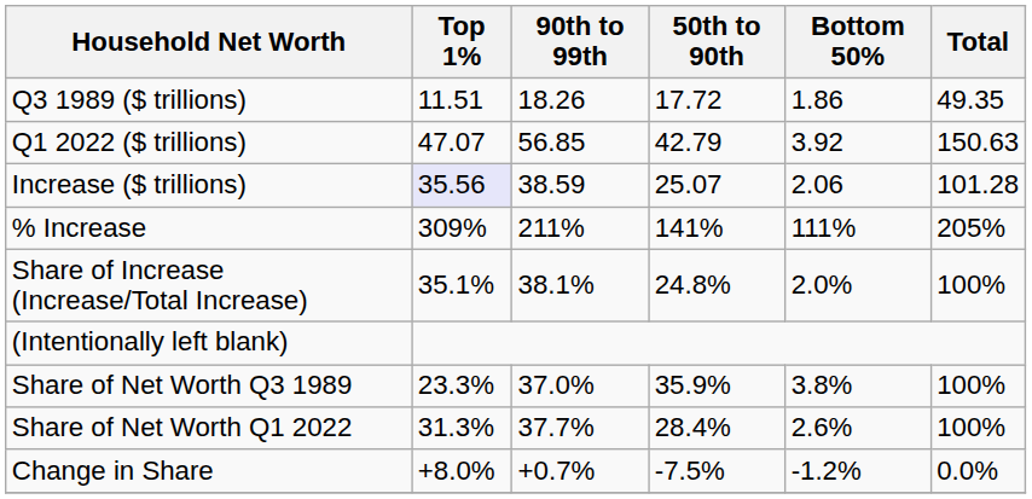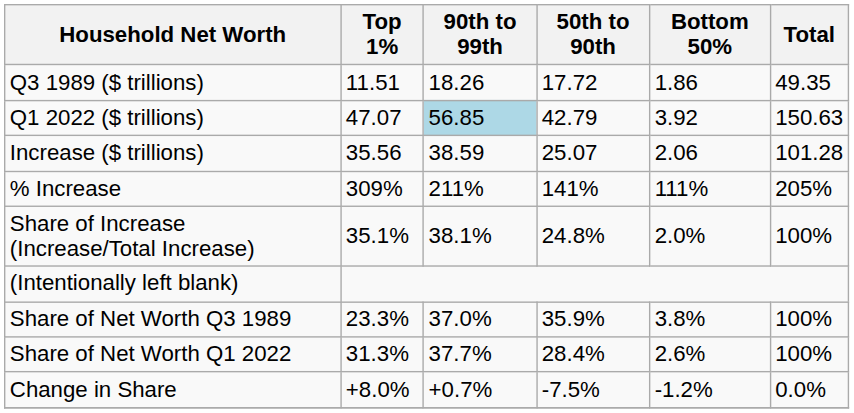 <table class="wikitable">
 <tr>
 <th>Household Net Worth</th>
 <th>Top 1%</th>
 <th>90th to 99th</th>
 <th>50th to 90th</th>
 <th>Bottom 50%</th>
 <th>Total</th>
 </tr>
 <tr>
 <td>Q3 1989 ($ trillions)</td>
 <td>11.51</td>
 <td>18.26</td>
 <td>17.72</td>
 <td>1.86</td>
 <td>49.35</td>
 </tr>
 <tr>
 <td>Q1 2022 ($ trillions)</td>
 <td>47.07</td>
-<td>56.85</td>
+<td style="background: lightblue;">56.85</td>
 <td>42.79</td>
 <td>3.92</td>
 <td>150.63</td>
 </tr>
 <tr>
 <td>Increase ($ trillions)</td>
-<td style="background: lavender;">35.56</td>
+<td>35.56</td>
 <td>38.59</td>
 <td>25.07</td>
 <td>2.06</td>
 <td>101.28</td>
 </tr>
 <tr>
 <td>% Increase</td>
 <td>309%</td>
 <td>211%</td>
 <td>141%</td>
 <td>111%</td>
 <td>205%</td>
 </tr>
 <tr>
 <td>Share of Increase (Increase/Total Increase)</td>
 <td>35.1%</td>
 <td>38.1%</td>
 <td>24.8%</td>
 <td>2.0%</td>
 <td>100%</td>
 </tr>
 <tr>
 <td>(Intentionally left blank)</td>
 </tr>
 <tr>
 <td>Share of Net Worth Q3 1989</td>
 <td>23.3%</td>
 <td>37.0%</td>
 <td>35.9%</td>
 <td>3.8%</td>
 <td>100%</td>
 </tr>
 <tr>
 <td>Share of Net Worth Q1 2022</td>
 <td>31.3%</td>
 <td>37.7%</td>
 <td>28.4%</td>
 <td>2.6%</td>
 <td>100%</td>
 </tr>
 <tr>
 <td>Change in Share</td>
 <td>+8.0%</td>
 <td>+0.7%</td>
 <td>-7.5%</td>
 <td>-1.2%</td>
 <td>0.0%</td>
 </tr>
 <tr>
 </tr>
 </table>
